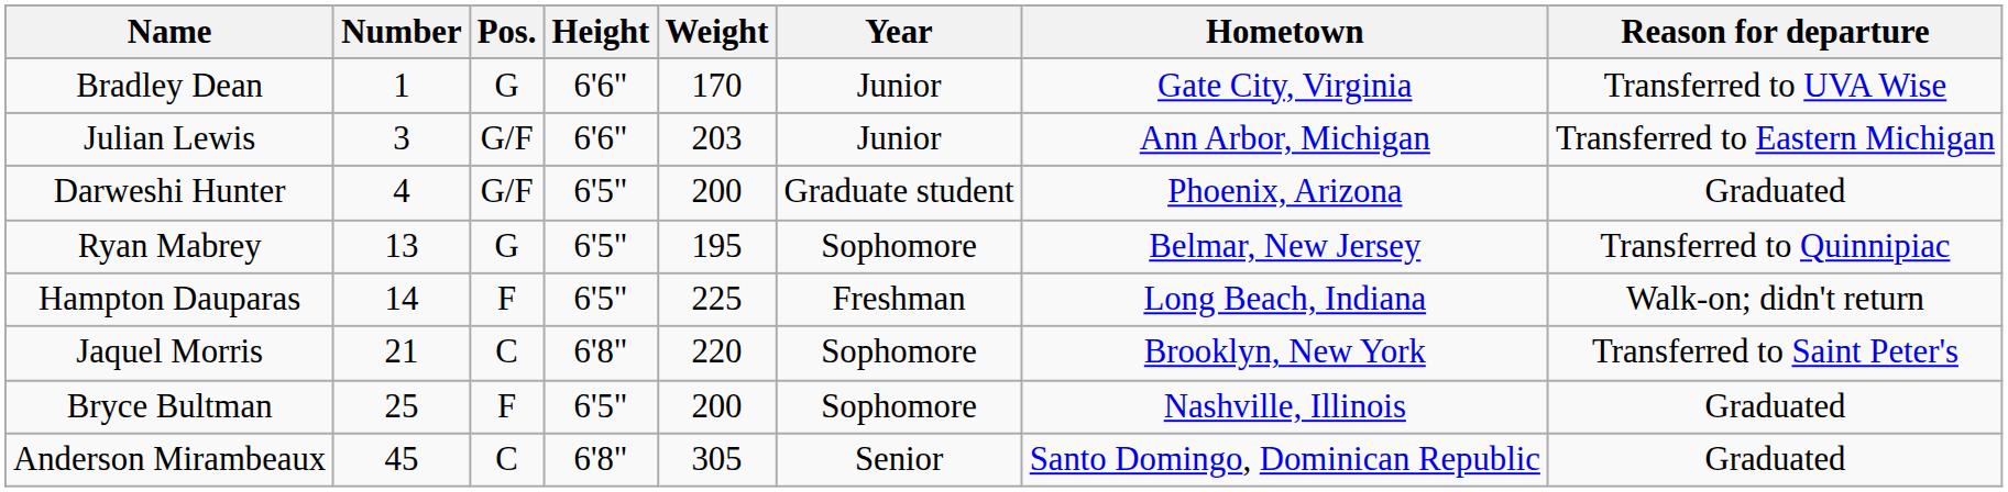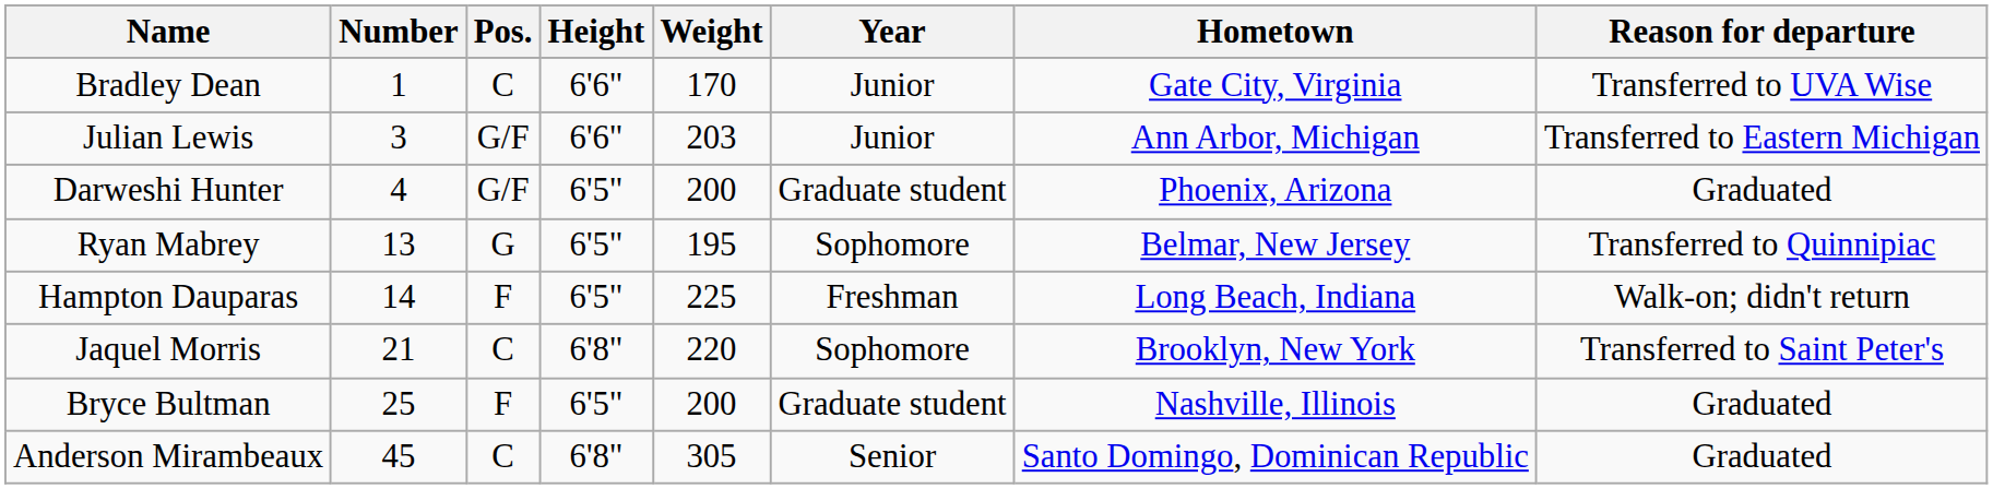 <table class="wikitable sortable" style="text-align:center">
 <tr align=center>
 <th>Name</th>
 <th>Number</th>
 <th>Pos.</th>
 <th>Height</th>
 <th>Weight</th>
 <th>Year</th>
 <th>Hometown</th>
 <th class="unsortable">Reason for departure</th>
 </tr>
 <tr>
 <td>Bradley Dean</td>
 <td>1</td>
-<td>G</td>
+<td>C</td>
 <td>6'6"</td>
 <td>170</td>
 <td>Junior</td>
 <td><a href='#'>Gate City, Virginia</a></td>
 <td>Transferred to <a href='#'>UVA Wise</a></td>
 </tr>
 <tr>
 <td>Julian Lewis</td>
 <td>3</td>
 <td>G/F</td>
 <td>6'6"</td>
 <td>203</td>
 <td>Junior</td>
 <td><a href='#'>Ann Arbor, Michigan</a></td>
 <td>Transferred to <a href='#'>Eastern Michigan</a></td>
 </tr>
 <tr>
 <td>Darweshi Hunter</td>
 <td>4</td>
 <td>G/F</td>
 <td>6'5"</td>
 <td>200</td>
 <td>Graduate student</td>
 <td><a href='#'>Phoenix, Arizona</a></td>
 <td>Graduated</td>
 </tr>
 <tr>
 <td>Ryan Mabrey</td>
 <td>13</td>
 <td>G</td>
 <td>6'5"</td>
 <td>195</td>
 <td>Sophomore</td>
 <td><a href='#'>Belmar, New Jersey</a></td>
 <td>Transferred to <a href='#'>Quinnipiac</a></td>
 </tr>
 <tr>
 <td>Hampton Dauparas</td>
 <td>14</td>
 <td>F</td>
 <td>6'5"</td>
 <td>225</td>
 <td>Freshman</td>
 <td><a href='#'>Long Beach, Indiana</a></td>
 <td>Walk-on; didn't return</td>
 </tr>
 <tr>
 <td>Jaquel Morris</td>
 <td>21</td>
 <td>C</td>
 <td>6'8"</td>
 <td>220</td>
 <td>Sophomore</td>
 <td><a href='#'>Brooklyn, New York</a></td>
 <td>Transferred to <a href='#'>Saint Peter's</a></td>
 </tr>
 <tr>
 <td>Bryce Bultman</td>
 <td>25</td>
 <td>F</td>
 <td>6'5"</td>
 <td>200</td>
-<td>Sophomore</td>
+<td>Graduate student</td>
 <td><a href='#'>Nashville, Illinois</a></td>
 <td>Graduated</td>
 </tr>
 <tr>
 <td>Anderson Mirambeaux</td>
 <td>45</td>
 <td>C</td>
 <td>6'8"</td>
 <td>305</td>
 <td>Senior</td>
 <td><a href='#'>Santo Domingo</a>, <a href='#'>Dominican Republic</a></td>
 <td>Graduated</td>
 </tr>
 </table>
